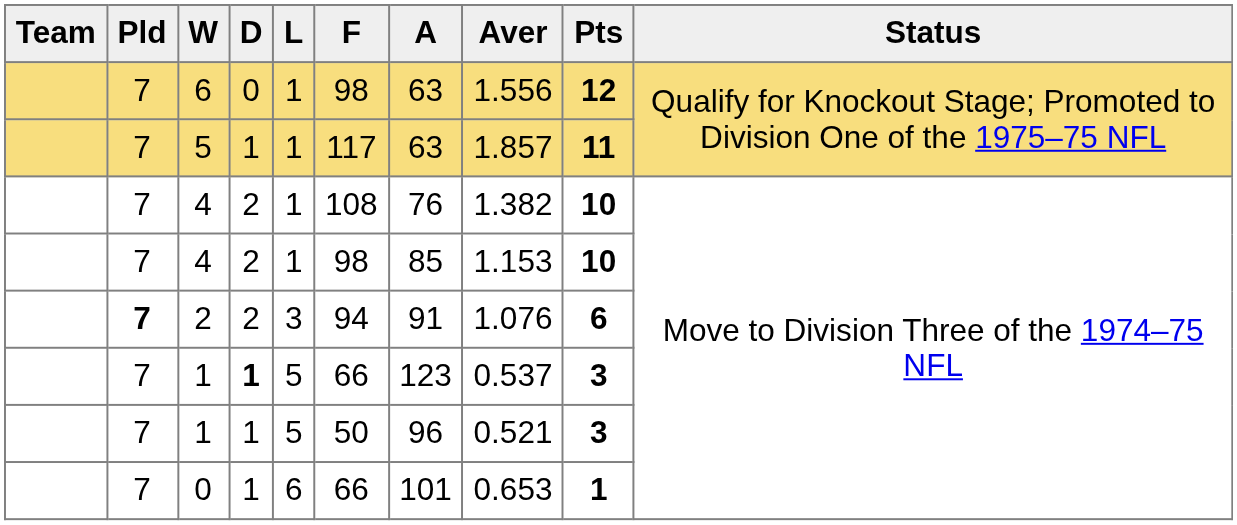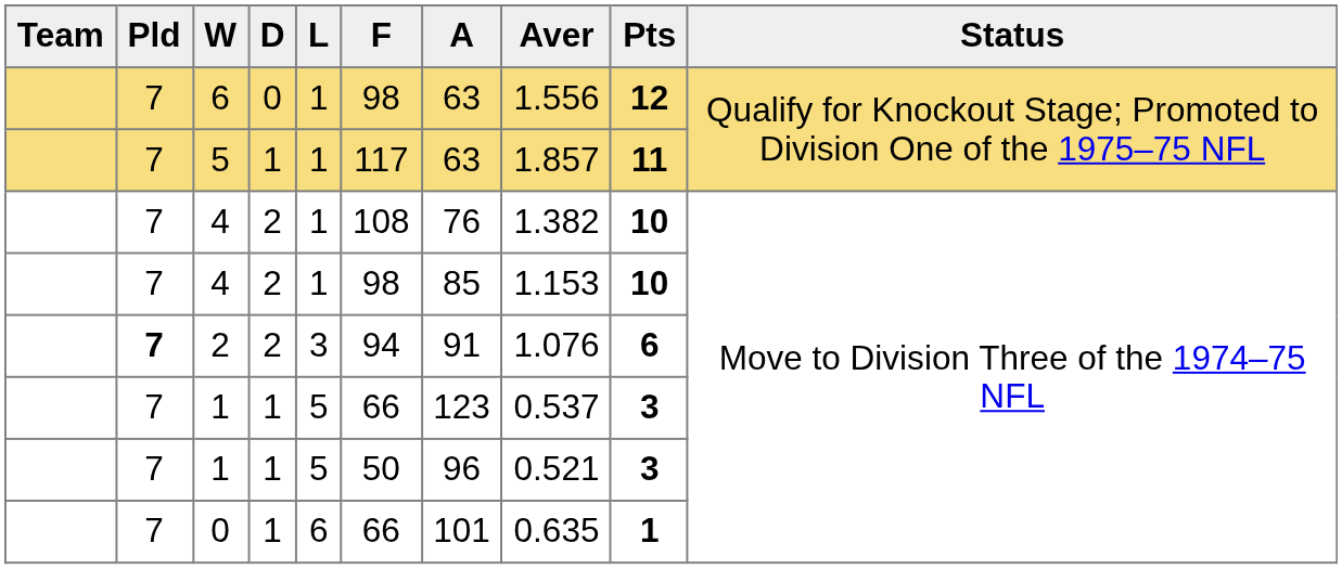 <table style=border-collapse:collapse border=1 cellspacing=0 cellpadding=5>
 <tr align=center bgcolor=#efefef>
 <th>Team</th>
 <th>Pld</th>
 <th>W</th>
 <th>D</th>
 <th>L</th>
 <th>F</th>
 <th>A</th>
 <th>Aver</th>
 <th>Pts</th>
 <th>Status</th>
 </tr>
 <tr align=center style="background:#F8DE7E;">
 <td style="text-align:left;"> </td>
 <td>7</td>
 <td>6</td>
 <td>0</td>
 <td>1</td>
 <td>98</td>
 <td>63</td>
 <td>1.556</td>
 <td><strong>12</strong></td>
 <td rowspan=2>Qualify for Knockout Stage; Promoted to Division One of the <a href='#'>1975–75 NFL</a></td>
 </tr>
 <tr align=center style="background:#F8DE7E;">
 <td style="text-align:left;"> </td>
 <td>7</td>
 <td>5</td>
 <td>1</td>
 <td>1</td>
 <td>117</td>
 <td>63</td>
 <td>1.857</td>
 <td><strong>11</strong></td>
 </tr>
 <tr align=center style="background:#FFFFFF;">
 <td style="text-align:left;"> </td>
 <td>7</td>
 <td>4</td>
 <td>2</td>
 <td>1</td>
 <td>108</td>
 <td>76</td>
 <td>1.382</td>
 <td><strong>10</strong></td>
 <td rowspan=6>Move to Division Three of the <a href='#'>1974–75 NFL</a></td>
 </tr>
 <tr align=center style="background:#FFFFFF;">
 <td style="text-align:left;"> </td>
 <td>7</td>
 <td>4</td>
 <td>2</td>
 <td>1</td>
 <td>98</td>
 <td>85</td>
 <td>1.153</td>
 <td><strong>10</strong></td>
 </tr>
 <tr align=center style="background:#FFFFFF;">
 <td style="text-align:left;"> </td>
 <td><strong>7</strong></td>
 <td>2</td>
 <td>2</td>
 <td>3</td>
 <td>94</td>
 <td>91</td>
 <td>1.076</td>
 <td><strong>6</strong></td>
 </tr>
 <tr align=center style="background:#FFFFFF;">
 <td style="text-align:left;"> </td>
 <td>7</td>
 <td>1</td>
-<td><strong>1</strong></td>
+<td>1</td>
 <td>5</td>
 <td>66</td>
 <td>123</td>
 <td>0.537</td>
 <td><strong>3</strong></td>
 </tr>
 <tr align=center style="background:#FFFFFF;">
 <td style="text-align:left;"> </td>
 <td>7</td>
 <td>1</td>
 <td>1</td>
 <td>5</td>
 <td>50</td>
 <td>96</td>
 <td>0.521</td>
 <td><strong>3</strong></td>
 </tr>
 <tr align=center style="background:#FFFFFF;">
 <td style="text-align:left;"> </td>
 <td>7</td>
 <td>0</td>
 <td>1</td>
 <td>6</td>
 <td>66</td>
 <td>101</td>
-<td>0.653</td>
+<td>0.635</td>
 <td><strong>1</strong></td>
 </tr>
 </table>
